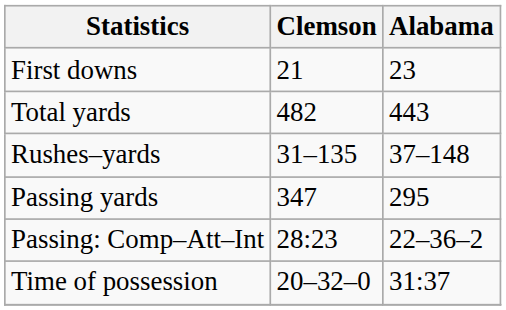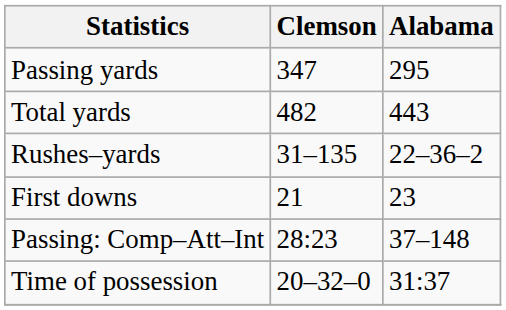 <table class="wikitable" style="float: left;">
 <tr>
 <th>Statistics</th>
 <th>Clemson</th>
 <th>Alabama</th>
 </tr>
 <tr>
-<td>First downs</td>
-<td>21</td>
-<td>23</td>
+<td>Passing yards</td>
+<td>347</td>
+<td>295</td>
 </tr>
 <tr>
 <td>Total yards</td>
 <td>482</td>
 <td>443</td>
 </tr>
 <tr>
 <td>Rushes–yards</td>
 <td>31–135</td>
-<td>37–148</td>
+<td>22–36–2</td>
 </tr>
 <tr>
-<td>Passing yards</td>
-<td>347</td>
-<td>295</td>
+<td>First downs</td>
+<td>21</td>
+<td>23</td>
 </tr>
 <tr>
 <td>Passing: Comp–Att–Int</td>
 <td>28:23</td>
-<td>22–36–2</td>
+<td>37–148</td>
 </tr>
 <tr>
 <td>Time of possession</td>
 <td>20–32–0</td>
 <td>31:37</td>
 </tr>
 <tr>
 </tr>
 </table>
